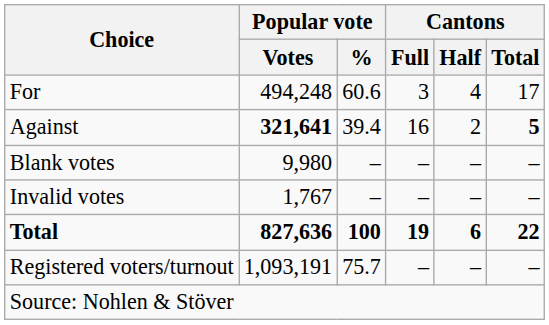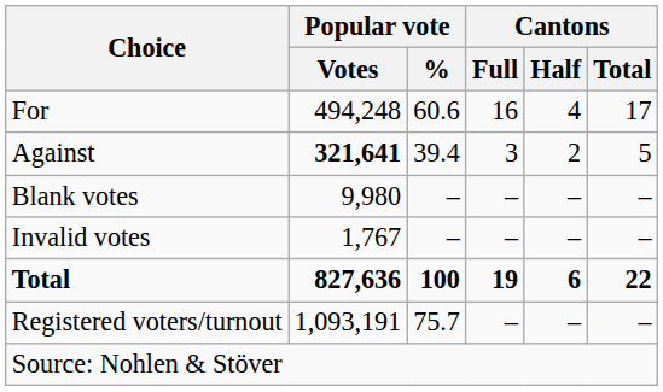 <table class=wikitable style=text-align:right>
 <tr>
 <th rowspan=2>Choice</th>
 <th colspan=2>Popular vote</th>
 <th colspan=3>Cantons</th>
 </tr>
 <tr>
 <th>Votes</th>
 <th>%</th>
 <th>Full</th>
 <th>Half</th>
 <th>Total</th>
 </tr>
 <tr>
 <td align=left>For</td>
 <td>494,248</td>
 <td>60.6</td>
-<td>3</td>
+<td>16</td>
 <td>4</td>
 <td>17</td>
 </tr>
 <tr>
 <td align=left>Against</td>
 <td><strong>321,641</strong></td>
 <td>39.4</td>
-<td>16</td>
+<td>3</td>
 <td>2</td>
-<td><strong>5</strong></td>
+<td>5</td>
 </tr>
 <tr>
 <td align=left>Blank votes</td>
 <td>9,980</td>
 <td>–</td>
 <td>–</td>
 <td>–</td>
 <td>–</td>
 </tr>
 <tr>
 <td align=left>Invalid votes</td>
 <td>1,767</td>
 <td>–</td>
 <td>–</td>
 <td>–</td>
 <td>–</td>
 </tr>
 <tr>
 <td align=left><strong>Total</strong></td>
 <td><strong>827,636</strong></td>
 <td><strong>100</strong></td>
 <td><strong>19</strong></td>
 <td><strong>6</strong></td>
 <td><strong>22</strong></td>
 </tr>
 <tr>
 <td align=left>Registered voters/turnout</td>
 <td>1,093,191</td>
 <td>75.7</td>
 <td>–</td>
 <td>–</td>
 <td>–</td>
 </tr>
 <tr>
 <td align=left colspan=6>Source: Nohlen & Stöver</td>
 </tr>
 </table>
